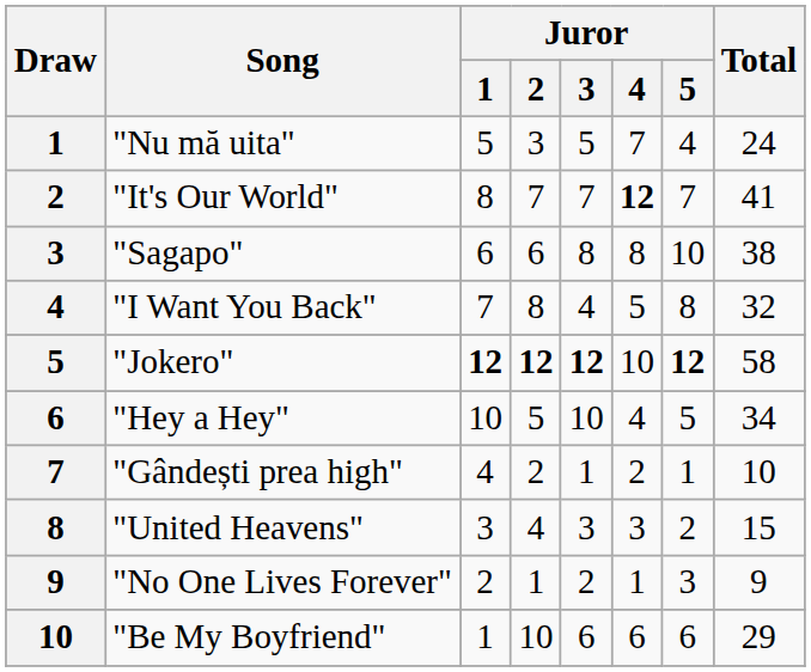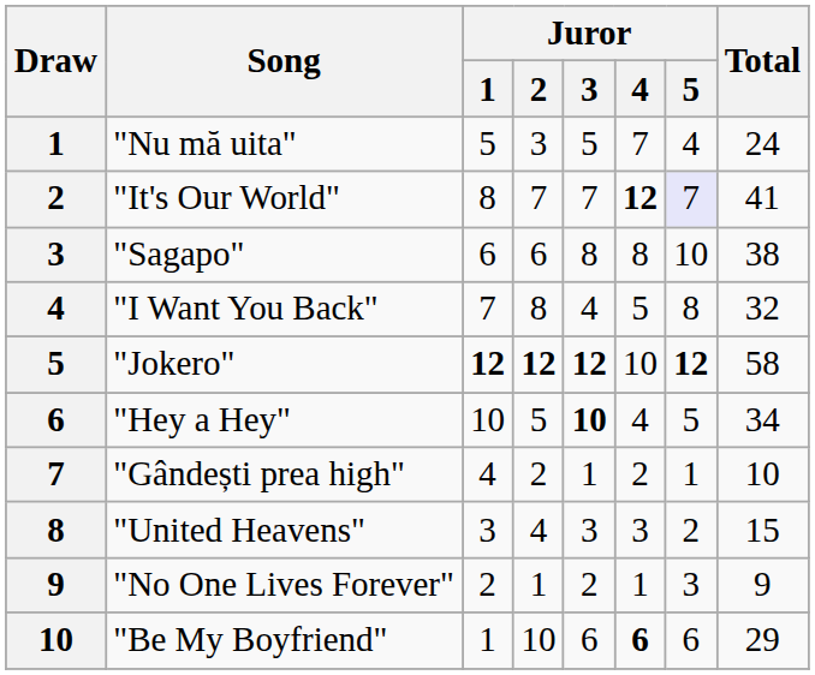 <table class="wikitable collapsible" style="margin: 1em auto 1em auto; text-align:center;">
 <tr>
 <th rowspan="2">Draw</th>
 <th rowspan="2">Song</th>
 <th colspan="5">Juror</th>
 <th rowspan="2">Total</th>
 </tr>
 <tr>
 <th>1</th>
 <th>2</th>
 <th>3</th>
 <th>4</th>
 <th>5</th>
 </tr>
 <tr>
 <th scope="row" style="text-align:center">1</th>
 <td align="left">"Nu mă uita"</td>
 <td>5</td>
 <td>3</td>
 <td>5</td>
 <td>7</td>
 <td>4</td>
 <td>24</td>
 </tr>
 <tr>
 <th scope="row" style="text-align:center">2</th>
 <td align="left">"It's Our World"</td>
 <td>8</td>
 <td>7</td>
 <td>7</td>
 <td><strong>12</strong></td>
-<td>7</td>
+<td style="background: lavender;">7</td>
 <td>41</td>
 </tr>
 <tr>
 <th scope="row" style="text-align:center">3</th>
 <td align="left">"Sagapo"</td>
 <td>6</td>
 <td>6</td>
 <td>8</td>
 <td>8</td>
 <td>10</td>
 <td>38</td>
 </tr>
 <tr>
 <th scope="row" style="text-align:center">4</th>
 <td align="left">"I Want You Back"</td>
 <td>7</td>
 <td>8</td>
 <td>4</td>
 <td>5</td>
 <td>8</td>
 <td>32</td>
 </tr>
 <tr>
 <th scope="row" style="text-align:center">5</th>
 <td align="left">"Jokero"</td>
 <td><strong>12</strong></td>
 <td><strong>12</strong></td>
 <td><strong>12</strong></td>
 <td>10</td>
 <td><strong>12</strong></td>
 <td>58</td>
 </tr>
 <tr>
 <th scope="row" style="text-align:center">6</th>
 <td align="left">"Hey a Hey"</td>
 <td>10</td>
 <td>5</td>
-<td>10</td>
+<td><strong>10</strong></td>
 <td>4</td>
 <td>5</td>
 <td>34</td>
 </tr>
 <tr>
 <th scope="row" style="text-align:center">7</th>
 <td align="left">"Gândești prea high"</td>
 <td>4</td>
 <td>2</td>
 <td>1</td>
 <td>2</td>
 <td>1</td>
 <td>10</td>
 </tr>
 <tr>
 <th scope="row" style="text-align:center">8</th>
 <td align="left">"United Heavens"</td>
 <td>3</td>
 <td>4</td>
 <td>3</td>
 <td>3</td>
 <td>2</td>
 <td>15</td>
 </tr>
 <tr>
 <th scope="row" style="text-align:center">9</th>
 <td align="left">"No One Lives Forever"</td>
 <td>2</td>
 <td>1</td>
 <td>2</td>
 <td>1</td>
 <td>3</td>
 <td>9</td>
 </tr>
 <tr>
 <th scope="row" style="text-align:center">10</th>
 <td align="left">"Be My Boyfriend"</td>
 <td>1</td>
 <td>10</td>
 <td>6</td>
-<td>6</td>
+<td><strong>6</strong></td>
 <td>6</td>
 <td>29</td>
 </tr>
 </table>
